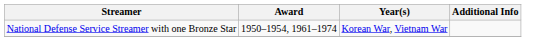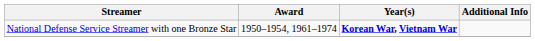 <table class=wikitable>
 <tr>
 <th>Streamer</th>
 <th>Award</th>
 <th>Year(s)</th>
 <th>Additional Info</th>
 </tr>
 <tr>
 <td><a href='#'>National Defense Service Streamer</a> with one Bronze Star</td>
 <td>1950–1954, 1961–1974</td>
-<td><a href='#'>Korean War</a>, <a href='#'>Vietnam War</a></td>
+<td><strong><a href='#'>Korean War</a>, <a href='#'>Vietnam War</a></strong></td>
 <td><br></td>
 </tr>
 <tr>
 </tr>
 </table>
